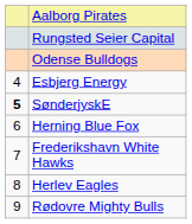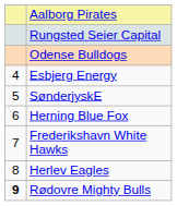 <table class="wikitable" style="width:210px;">
 <tr style="background:#F7F6A8;">
 <td align=center style="width:20px;"></td>
 <td><a href='#'>Aalborg Pirates</a></td>
 </tr>
 <tr style="background:#DCE5E5;">
 <td align=center></td>
 <td><a href='#'>Rungsted Seier Capital</a></td>
 </tr>
 <tr style="background:#FFDAB9;">
 <td align=center></td>
 <td><a href='#'>Odense Bulldogs</a></td>
 </tr>
 <tr>
 <td align=center>4</td>
 <td><a href='#'>Esbjerg Energy</a></td>
 </tr>
 <tr>
-<td align=center><strong>5</strong></td>
+<td align=center>5</td>
 <td><a href='#'>SønderjyskE</a></td>
 </tr>
 <tr>
 <td align=center>6</td>
 <td><a href='#'>Herning Blue Fox</a></td>
 </tr>
 <tr>
 <td align=center>7</td>
 <td><a href='#'>Frederikshavn White Hawks</a></td>
 </tr>
 <tr>
 <td align=center>8</td>
 <td><a href='#'>Herlev Eagles</a></td>
 </tr>
 <tr>
-<td align=center>9</td>
+<td align=center><strong>9</strong></td>
 <td><a href='#'>Rødovre Mighty Bulls</a></td>
 </tr>
 </table>
